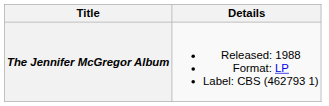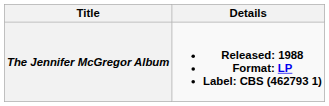 <table class="wikitable plainrowheaders" style="text-align:center;" border="1">
 <tr>
 <th>Title</th>
 <th>Details</th>
 </tr>
 <tr>
 <th scope="row"><em>The Jennifer McGregor Album</em></th>
-<td><br><ul><li>Released: 1988</li><li>Format: <a href='#'>LP</a></li><li>Label: CBS (462793 1)</li></ul></td>
+<td><strong><br><ul><li>Released: 1988</li><li>Format: <a href='#'>LP</a></li><li>Label: CBS (462793 1)</li></ul></strong></td>
 </tr>
 </table>
